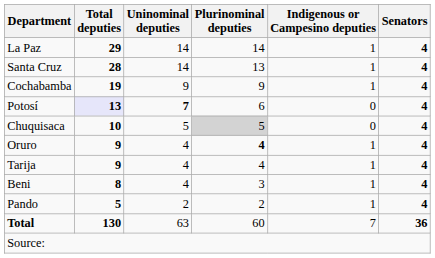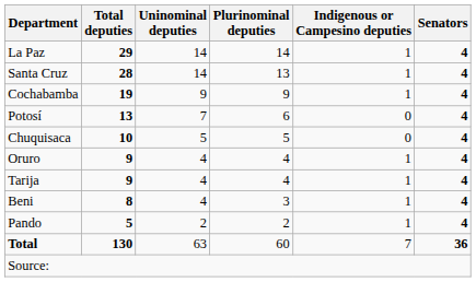 <table class="wikitable" style="text-align:right">
 <tr>
 <th>Department</th>
 <th>Total<br>deputies</th>
 <th>Uninominal<br>deputies</th>
 <th>Plurinominal<br>deputies</th>
 <th>Indigenous or<br>Campesino deputies</th>
 <th>Senators</th>
 </tr>
 <tr>
 <td align=left>La Paz</td>
 <td><strong>29</strong></td>
 <td>14</td>
 <td>14</td>
 <td>1</td>
 <td><strong>4</strong></td>
 </tr>
 <tr>
 <td align=left>Santa Cruz</td>
 <td><strong>28</strong></td>
 <td>14</td>
 <td>13</td>
 <td>1</td>
 <td><strong>4</strong></td>
 </tr>
 <tr>
 <td align=left>Cochabamba</td>
 <td><strong>19</strong></td>
 <td>9</td>
 <td>9</td>
 <td>1</td>
 <td><strong>4</strong></td>
 </tr>
 <tr>
 <td align=left>Potosí</td>
-<td style="background: lavender;"><strong>13</strong></td>
-<td><strong>7</strong></td>
+<td><strong>13</strong></td>
+<td>7</td>
 <td>6</td>
 <td>0</td>
 <td><strong>4</strong></td>
 </tr>
 <tr>
 <td align=left>Chuquisaca</td>
 <td><strong>10</strong></td>
 <td>5</td>
-<td style="background: lightgrey;">5</td>
+<td>5</td>
 <td>0</td>
 <td><strong>4</strong></td>
 </tr>
 <tr>
 <td align=left>Oruro</td>
 <td><strong>9</strong></td>
 <td>4</td>
-<td><strong>4</strong></td>
+<td>4</td>
 <td>1</td>
 <td><strong>4</strong></td>
 </tr>
 <tr>
 <td align=left>Tarija</td>
 <td><strong>9</strong></td>
 <td>4</td>
 <td>4</td>
 <td>1</td>
 <td><strong>4</strong></td>
 </tr>
 <tr>
 <td align=left>Beni</td>
 <td><strong>8</strong></td>
 <td>4</td>
 <td>3</td>
 <td>1</td>
 <td><strong>4</strong></td>
 </tr>
 <tr>
 <td align=left>Pando</td>
 <td><strong>5</strong></td>
 <td>2</td>
 <td>2</td>
 <td>1</td>
 <td><strong>4</strong></td>
 </tr>
 <tr>
 <td align=left><strong>Total</strong></td>
 <td><strong>130</strong></td>
 <td>63</td>
 <td>60</td>
 <td>7</td>
 <td><strong>36</strong></td>
 </tr>
 <tr>
 <td align=left colspan=6>Source: </td>
 </tr>
 </table>
